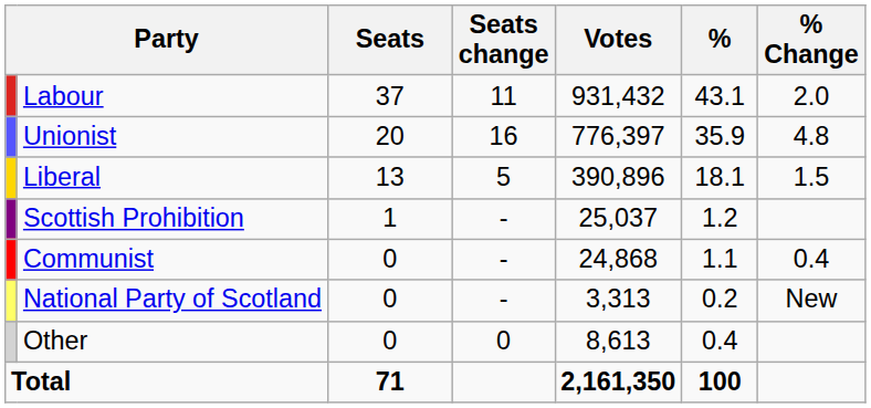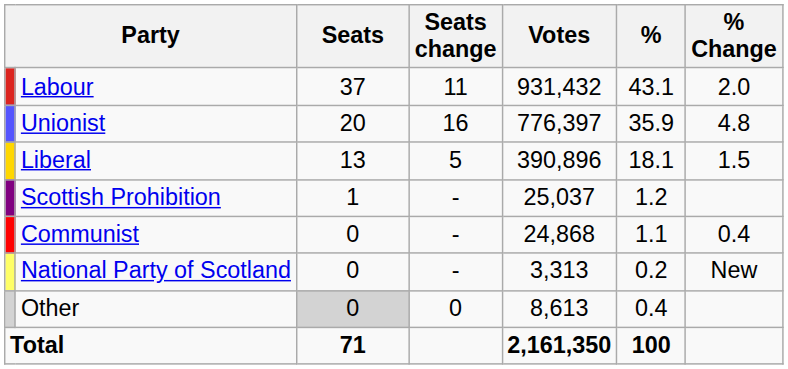 <table class="wikitable sortable">
 <tr>
 <th style="width:100px" colspan=2>Party</th>
 <th style="width:70px;">Seats</th>
 <th style="width:40px;">Seats change</th>
 <th style="width:40px;">Votes</th>
 <th style="width:40px;">%</th>
 <th style="width:40px;">% Change</th>
 </tr>
 <tr>
 <td bgcolor="#DC241f"></td>
 <td><a href='#'>Labour</a></td>
 <td align=center>37</td>
 <td align=center> 11</td>
 <td align=center>931,432</td>
 <td align=center>43.1</td>
 <td align=center> 2.0</td>
 </tr>
 <tr>
 <td bgcolor="#5555FF"></td>
 <td><a href='#'>Unionist</a></td>
 <td align=center>20</td>
 <td align=center> 16</td>
 <td align=center>776,397</td>
 <td align=center>35.9</td>
 <td align=center> 4.8</td>
 </tr>
 <tr>
 <td bgcolor="#FFD700"></td>
 <td><a href='#'>Liberal</a></td>
 <td align=center>13</td>
 <td align=center> 5</td>
 <td align=center>390,896</td>
 <td align=center>18.1</td>
 <td align=center> 1.5</td>
 </tr>
 <tr>
 <td bgcolor="#800080"></td>
 <td><a href='#'>Scottish Prohibition</a></td>
 <td align=center>1</td>
 <td align=center>-</td>
 <td align=center>25,037</td>
 <td align=center>1.2</td>
 <td align=center></td>
 </tr>
 <tr>
 <td bgcolor="#FF0000"></td>
 <td><a href='#'>Communist</a></td>
 <td align=center>0</td>
 <td align=center>-</td>
 <td align=center>24,868</td>
 <td align=center>1.1</td>
 <td align=center> 0.4</td>
 </tr>
 <tr>
 <td bgcolor="#FFFF66"></td>
 <td><a href='#'>National Party of Scotland</a></td>
 <td align=center>0</td>
 <td align=center>-</td>
 <td align=center>3,313</td>
 <td align=center>0.2</td>
 <td align=center>New</td>
 </tr>
 <tr>
 <td bgcolor="#D3D3D3"></td>
 <td>Other</td>
-<td align="center">0</td>
+<td align="center" style="background: lightgrey;">0</td>
 <td align="center">0</td>
 <td align="center">8,613</td>
 <td align="center">0.4</td>
 <td align="center"></td>
 </tr>
 <tr>
 <td colspan=2><strong>Total</strong></td>
 <td align=center><strong>71</strong></td>
 <td align=center></td>
 <td align=center><strong>2,161,350</strong></td>
 <td align=center><strong>100</strong></td>
 <td align=center></td>
 </tr>
 </table>
